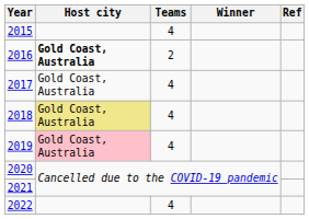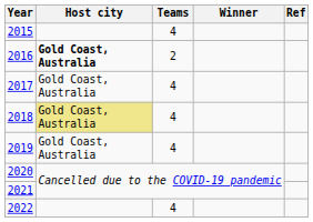 <table class="wikitable" style="font-size:90%; text-align:center;">
 <tr>
 <th>Year</th>
 <th style="width:10.5em;">Host city</th>
 <th style="padding:2px;">Teams</th>
 <th style="width:8.05em;">Winner</th>
 <th style="padding:2px;">Ref</th>
 </tr>
 <tr>
 <td><a href='#'>2015</a></td>
 <td align=left></td>
 <td>4</td>
 <td align=left></td>
 <td></td>
 </tr>
 <tr>
 <td><a href='#'>2016</a></td>
 <td align=left><strong>Gold Coast, Australia</strong></td>
 <td>2</td>
 <td align=left></td>
 <td></td>
 </tr>
 <tr>
 <td><a href='#'>2017</a></td>
 <td align=left>Gold Coast, Australia</td>
 <td>4</td>
 <td align=left></td>
 <td></td>
 </tr>
 <tr>
 <td><a href='#'>2018</a></td>
 <td align=left style="background: khaki;">Gold Coast, Australia</td>
 <td>4</td>
 <td align=left></td>
 <td></td>
 </tr>
 <tr>
 <td><a href='#'>2019</a></td>
-<td align=left style="background: pink;">Gold Coast, Australia</td>
+<td align=left>Gold Coast, Australia</td>
 <td>4</td>
 <td align=left></td>
 <td></td>
 </tr>
 <tr>
 <td><a href='#'>2020</a></td>
 <td colspan=3 rowspan=2 style="text-align:left;"><em>Cancelled due to the <a href='#'>COVID-19 pandemic</a></em></td>
 <td></td>
 </tr>
 <tr>
 <td><a href='#'>2021</a></td>
 <td></td>
 </tr>
 <tr>
 <td><a href='#'>2022</a></td>
 <td align=left></td>
 <td>4</td>
 <td align=left></td>
 <td></td>
 </tr>
 </table>
